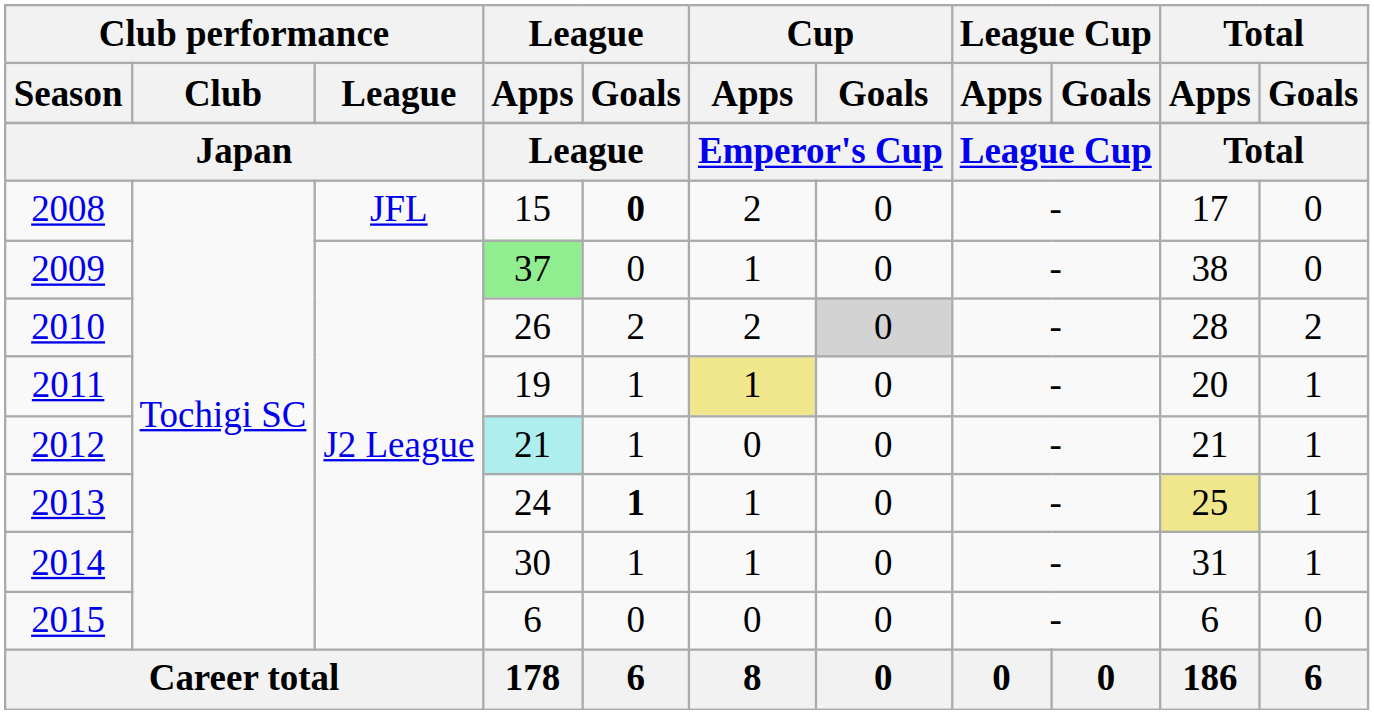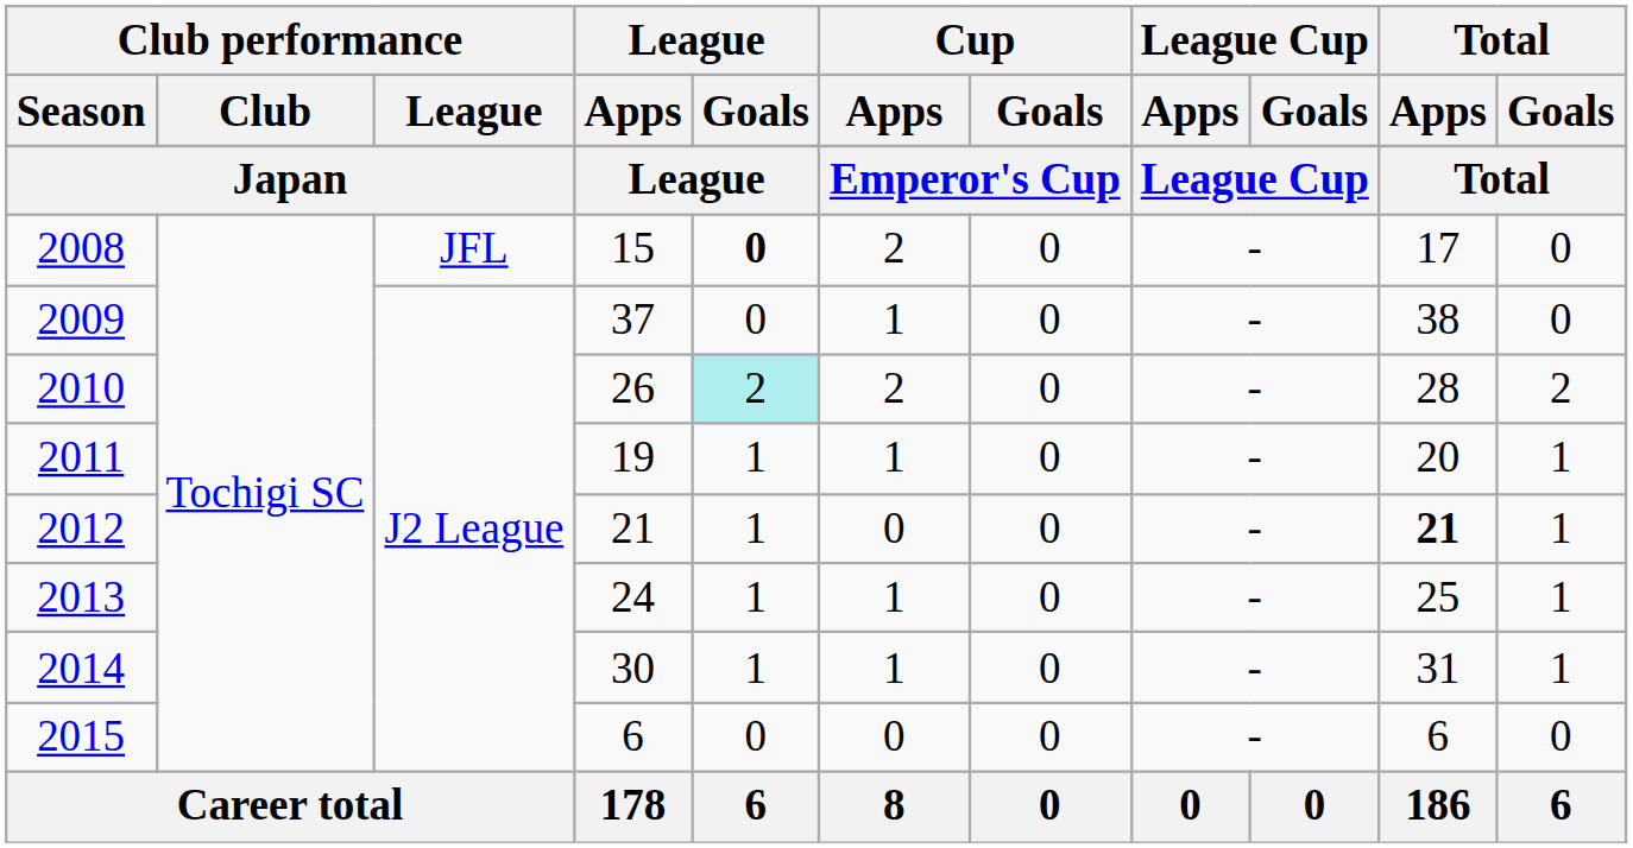 <table class="wikitable" style="text-align:center">
 <tr>
 <th colspan=3>Club performance</th>
 <th colspan=2>League</th>
 <th colspan=2>Cup</th>
 <th colspan=2>League Cup</th>
 <th colspan=2>Total</th>
 </tr>
 <tr>
 <th>Season</th>
 <th>Club</th>
 <th>League</th>
 <th>Apps</th>
 <th>Goals</th>
 <th>Apps</th>
 <th>Goals</th>
 <th>Apps</th>
 <th>Goals</th>
 <th>Apps</th>
 <th>Goals</th>
 </tr>
 <tr>
 </tr>
 <tr>
 <th colspan=3>Japan</th>
 <th colspan=2>League</th>
 <th colspan=2><a href='#'>Emperor's Cup</a></th>
 <th colspan=2><a href='#'>League Cup</a></th>
 <th colspan=2>Total</th>
 </tr>
 <tr>
 <td><a href='#'>2008</a></td>
 <td rowspan="8"><a href='#'>Tochigi SC</a></td>
 <td><a href='#'>JFL</a></td>
 <td>15</td>
 <td><strong>0</strong></td>
 <td>2</td>
 <td>0</td>
 <td colspan="2">-</td>
 <td>17</td>
 <td>0</td>
 </tr>
 <tr>
 <td><a href='#'>2009</a></td>
 <td rowspan="7"><a href='#'>J2 League</a></td>
-<td style="background: lightgreen;">37</td>
+<td>37</td>
 <td>0</td>
 <td>1</td>
 <td>0</td>
 <td colspan="2">-</td>
 <td>38</td>
 <td>0</td>
 </tr>
 <tr>
 <td><a href='#'>2010</a></td>
 <td>26</td>
+<td style="background: paleturquoise;">2</td>
 <td>2</td>
-<td>2</td>
-<td style="background: lightgrey;">0</td>
+<td>0</td>
 <td colspan="2">-</td>
 <td>28</td>
 <td>2</td>
 </tr>
 <tr>
 <td><a href='#'>2011</a></td>
 <td>19</td>
 <td>1</td>
-<td style="background: khaki;">1</td>
+<td>1</td>
 <td>0</td>
 <td colspan="2">-</td>
 <td>20</td>
 <td>1</td>
 </tr>
 <tr>
 <td><a href='#'>2012</a></td>
-<td style="background: paleturquoise;">21</td>
+<td>21</td>
 <td>1</td>
 <td>0</td>
 <td>0</td>
 <td colspan="2">-</td>
-<td>21</td>
+<td><strong>21</strong></td>
 <td>1</td>
 </tr>
 <tr>
 <td><a href='#'>2013</a></td>
 <td>24</td>
-<td><strong>1</strong></td>
+<td>1</td>
 <td>1</td>
 <td>0</td>
 <td colspan="2">-</td>
-<td style="background: khaki;">25</td>
+<td>25</td>
 <td>1</td>
 </tr>
 <tr>
 <td><a href='#'>2014</a></td>
 <td>30</td>
 <td>1</td>
 <td>1</td>
 <td>0</td>
 <td colspan="2">-</td>
 <td>31</td>
 <td>1</td>
 </tr>
 <tr>
 <td><a href='#'>2015</a></td>
 <td>6</td>
 <td>0</td>
 <td>0</td>
 <td>0</td>
 <td colspan="2">-</td>
 <td>6</td>
 <td>0</td>
 </tr>
 <tr>
 <th colspan=3>Career total</th>
 <th>178</th>
 <th>6</th>
 <th>8</th>
 <th>0</th>
 <th>0</th>
 <th>0</th>
 <th>186</th>
 <th>6</th>
 </tr>
 </table>
